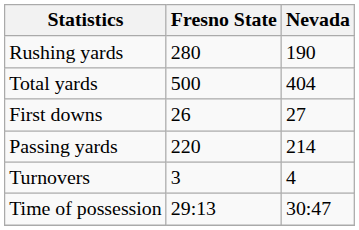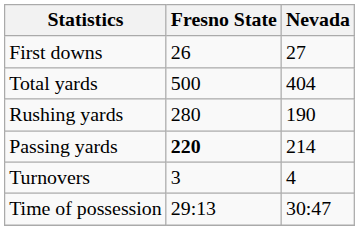 <table class="wikitable">
 <tr>
 <th>Statistics</th>
 <th>Fresno State</th>
 <th>Nevada</th>
 </tr>
 <tr>
-<td>Rushing yards</td>
-<td>280</td>
-<td>190</td>
+<td>First downs</td>
+<td>26</td>
+<td>27</td>
 </tr>
 <tr>
 <td>Total yards</td>
 <td>500</td>
 <td>404</td>
 </tr>
 <tr>
-<td>First downs</td>
-<td>26</td>
-<td>27</td>
+<td>Rushing yards</td>
+<td>280</td>
+<td>190</td>
 </tr>
 <tr>
 <td>Passing yards</td>
-<td>220</td>
+<td><strong>220</strong></td>
 <td>214</td>
 </tr>
 <tr>
 <td>Turnovers</td>
 <td>3</td>
 <td>4</td>
 </tr>
 <tr>
 <td>Time of possession</td>
 <td>29:13</td>
 <td>30:47</td>
 </tr>
 <tr>
 </tr>
 </table>
